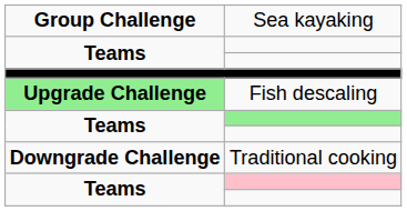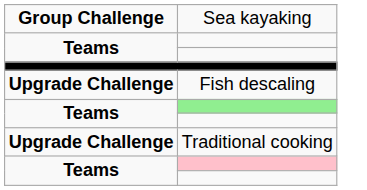 <table class="wikitable" style="text-align:center;">
 <tr>
 <td><strong>Group Challenge</strong></td>
 <td>Sea kayaking</td>
 </tr>
 <tr>
 <td rowspan="2"><strong>Teams</strong></td>
 <td></td>
 </tr>
 <tr>
 <td></td>
 </tr>
 <tr>
 <td colspan="2" style="background:black;"></td>
 </tr>
 <tr>
-<td style="background: lightgreen;"><strong>Upgrade Challenge</strong></td>
+<td><strong>Upgrade Challenge</strong></td>
 <td>Fish descaling</td>
 </tr>
 <tr>
 <td rowspan="2"><strong>Teams</strong></td>
 <td style="background:lightgreen;"></td>
 </tr>
 <tr>
 <td></td>
 </tr>
 <tr>
-<td><strong>Downgrade Challenge</strong></td>
+<td><strong>Upgrade Challenge</strong></td>
 <td>Traditional cooking</td>
 </tr>
 <tr>
 <td rowspan="2"><strong>Teams</strong></td>
 <td style="background:pink;"></td>
 </tr>
 <tr>
 <td></td>
 </tr>
 </table>
